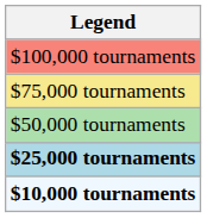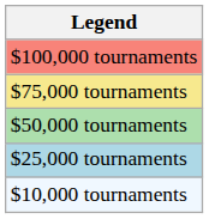 <table class="wikitable" style=font-size:85%>
 <tr>
 <th>Legend</th>
 </tr>
 <tr style="background:#f88379;">
 <td>$100,000 tournaments</td>
 </tr>
 <tr style="background:#f7e98e;">
 <td>$75,000 tournaments</td>
 </tr>
 <tr style="background:#addfad;">
 <td>$50,000 tournaments</td>
 </tr>
 <tr style="background:lightblue;">
-<td><strong>$25,000 tournaments</strong></td>
+<td>$25,000 tournaments</td>
 </tr>
 <tr style="background:#f0f8ff;">
-<td><strong>$10,000 tournaments</strong></td>
+<td>$10,000 tournaments</td>
 </tr>
 </table>
